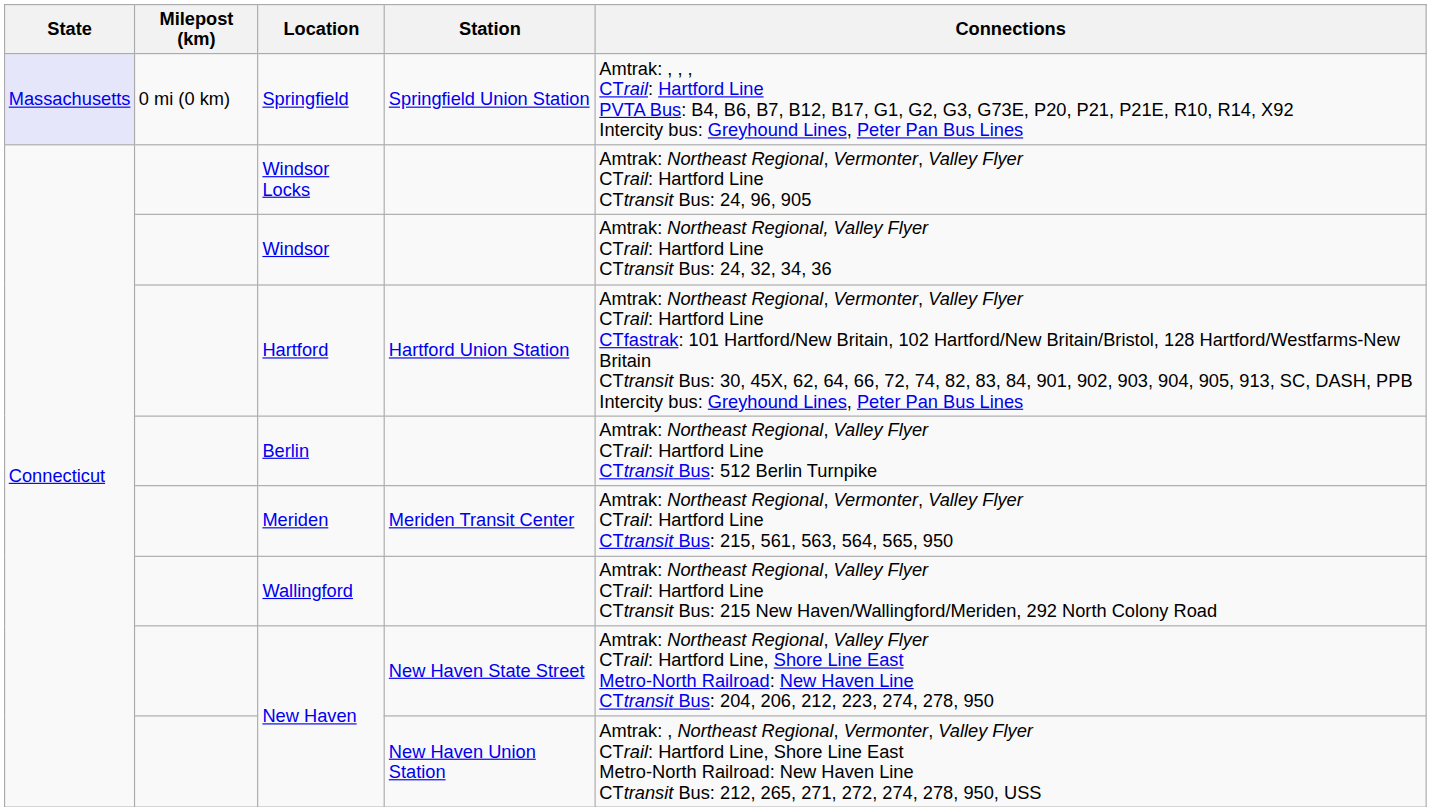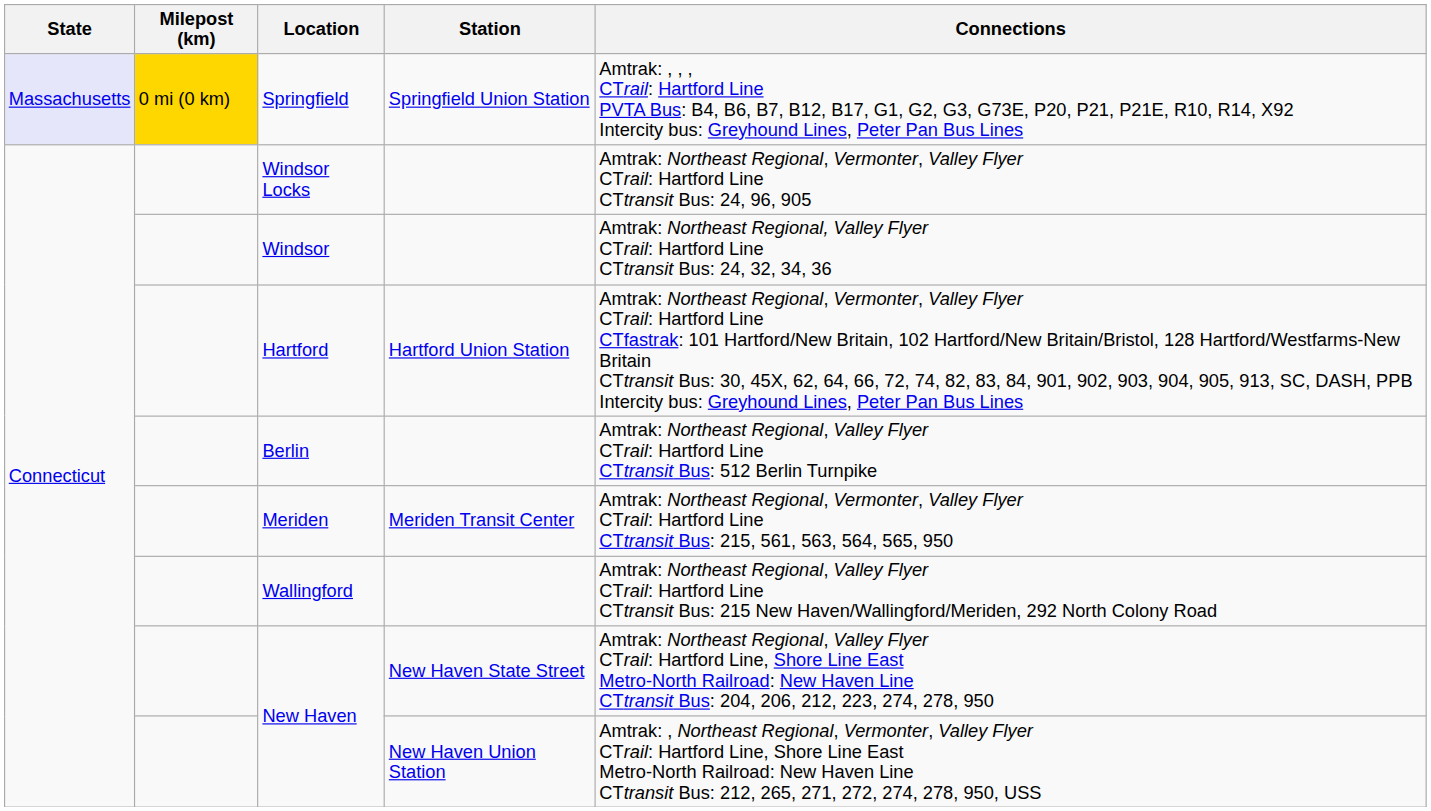 <table class="wikitable">
 <tr>
 <th>State</th>
 <th>Milepost (km)</th>
 <th>Location</th>
 <th>Station</th>
 <th>Connections</th>
 </tr>
 <tr>
 <td style="background: lavender;"><a href='#'>Massachusetts</a></td>
-<td>0 mi (0 km)</td>
+<td style="background: gold;">0 mi (0 km)</td>
 <td><a href='#'>Springfield</a></td>
 <td><a href='#'>Springfield Union Station</a></td>
 <td> Amtrak: , , , <br> <a href='#'>CT<em>rail</em></a>: <a href='#'>Hartford Line</a><br> <a href='#'>PVTA Bus</a>: B4, B6, B7, B12, B17, G1, G2, G3, G73E, P20, P21, P21E, R10, R14, X92<br> Intercity bus:  <a href='#'>Greyhound Lines</a>, <a href='#'>Peter Pan Bus Lines</a></td>
 </tr>
 <tr>
 <td rowspan=8><a href='#'>Connecticut</a></td>
 <td></td>
 <td><a href='#'>Windsor Locks</a></td>
 <td></td>
 <td> Amtrak: <em>Northeast Regional</em>, <em>Vermonter</em>, <em>Valley Flyer</em><br> CT<em>rail</em>: Hartford Line<br> CT<em>transit</em> Bus: 24, 96, 905</td>
 </tr>
 <tr>
 <td></td>
 <td><a href='#'>Windsor</a></td>
 <td></td>
 <td> Amtrak: <em>Northeast Regional, Valley Flyer</em><br> CT<em>rail</em>: Hartford Line<br> CT<em>transit</em> Bus: 24, 32, 34, 36</td>
 </tr>
 <tr>
 <td></td>
 <td><a href='#'>Hartford</a></td>
 <td><a href='#'>Hartford Union Station</a></td>
 <td> Amtrak: <em>Northeast Regional</em>, <em>Vermonter</em>, <em>Valley Flyer</em><br> CT<em>rail</em>: Hartford Line<br> <a href='#'>CTfastrak</a>: 101 Hartford/New Britain, 102 Hartford/New Britain/Bristol, 128 Hartford/Westfarms-New Britain<br> CT<em>transit</em> Bus: 30, 45X, 62, 64, 66, 72, 74, 82, 83, 84, 901, 902, 903, 904, 905, 913, SC, DASH, PPB<br> Intercity bus:  <a href='#'>Greyhound Lines</a>, <a href='#'>Peter Pan Bus Lines</a></td>
 </tr>
 <tr>
 <td></td>
 <td><a href='#'>Berlin</a></td>
 <td></td>
 <td> Amtrak: <em>Northeast Regional</em>, <em>Valley Flyer</em><br> CT<em>rail</em>: Hartford Line<br> <a href='#'>CT<em>transit</em> Bus</a>: 512 Berlin Turnpike</td>
 </tr>
 <tr>
 <td></td>
 <td><a href='#'>Meriden</a></td>
 <td><a href='#'>Meriden Transit Center</a></td>
 <td> Amtrak: <em>Northeast Regional</em>, <em>Vermonter</em>, <em>Valley Flyer</em><br> CT<em>rail</em>: Hartford Line<br> <a href='#'>CT<em>transit</em> Bus</a>: 215, 561, 563, 564, 565, 950</td>
 </tr>
 <tr>
 <td></td>
 <td><a href='#'>Wallingford</a></td>
 <td></td>
 <td> Amtrak: <em>Northeast Regional</em>, <em>Valley Flyer</em><br> CT<em>rail</em>: Hartford Line<br> CT<em>transit</em> Bus: 215 New Haven/Wallingford/Meriden, 292 North Colony Road</td>
 </tr>
 <tr>
 <td></td>
 <td rowspan=2><a href='#'>New Haven</a></td>
 <td><a href='#'>New Haven State Street</a></td>
 <td> Amtrak: <em>Northeast Regional</em>, <em>Valley Flyer</em><br> CT<em>rail</em>: Hartford Line, <a href='#'>Shore Line East</a><br> <a href='#'>Metro-North Railroad</a>: <a href='#'>New Haven Line</a><br> <a href='#'>CT<em>transit</em> Bus</a>: 204, 206, 212, 223, 274, 278, 950</td>
 </tr>
 <tr>
 <td></td>
 <td><a href='#'>New Haven Union Station</a></td>
 <td> Amtrak: , <em>Northeast Regional</em>, <em>Vermonter</em>, <em>Valley Flyer</em><br> CT<em>rail</em>: Hartford Line, Shore Line East<br> Metro-North Railroad: New Haven Line<br> CT<em>transit</em> Bus: 212, 265, 271, 272, 274, 278, 950, USS</td>
 </tr>
 </table>
